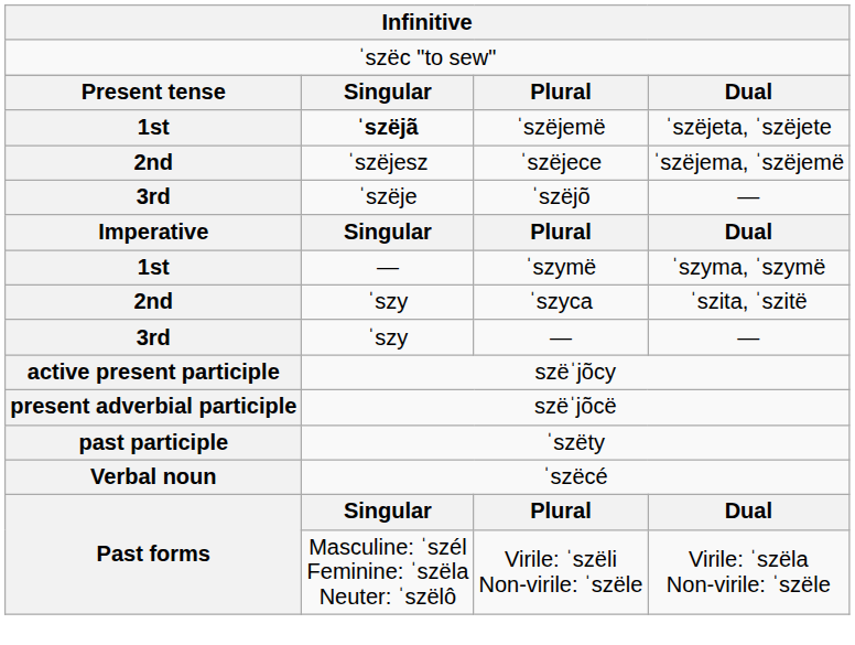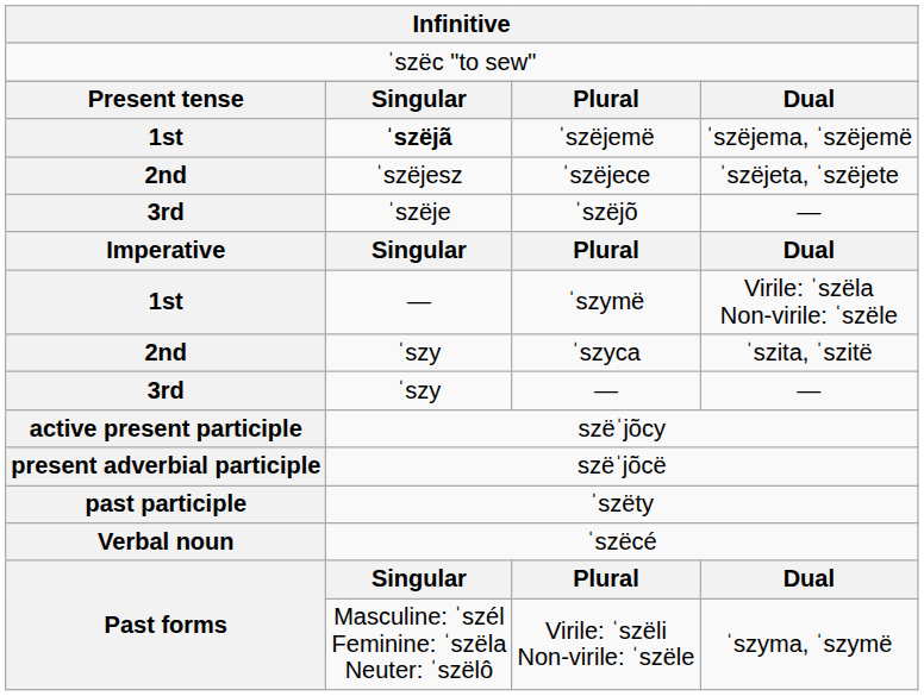 <table class="wikitable" style="text-align:center;">
 <tr>
 <th colspan="4">Infinitive</th>
 </tr>
 <tr>
 <td colspan="4">ˈszëc "to sew"</td>
 </tr>
 <tr>
 </tr>
 <tr>
 <th>Present tense</th>
 <th>Singular</th>
 <th>Plural</th>
 <th>Dual</th>
 </tr>
 <tr>
 <th>1st</th>
 <td><strong>ˈszëjã</strong></td>
 <td>ˈszëjemë</td>
-<td>ˈszëjeta, ˈszëjete</td>
+<td>ˈszëjema, ˈszëjemë</td>
 </tr>
 <tr>
 <th>2nd</th>
 <td>ˈszëjesz</td>
 <td>ˈszëjece</td>
-<td>ˈszëjema, ˈszëjemë</td>
+<td>ˈszëjeta, ˈszëjete</td>
 </tr>
 <tr>
 <th>3rd</th>
 <td>ˈszëje</td>
 <td>ˈszëjõ</td>
 <td>—</td>
 </tr>
 <tr>
 <th>Imperative</th>
 <th>Singular</th>
 <th>Plural</th>
 <th>Dual</th>
 </tr>
 <tr>
 <th>1st</th>
 <td>—</td>
 <td>ˈszymë</td>
-<td>ˈszyma, ˈszymë</td>
+<td>Virile: ˈszëla<br>Non-virile: ˈszële</td>
 </tr>
 <tr>
 <th>2nd</th>
 <td>ˈszy</td>
 <td>ˈszyca</td>
 <td>ˈszita, ˈszitë</td>
 </tr>
 <tr>
 <th>3rd</th>
 <td>ˈszy</td>
 <td>—</td>
 <td>—</td>
 </tr>
 <tr>
 <th>active present participle</th>
 <td colspan="3">szëˈjõcy</td>
 </tr>
 <tr>
 <th>present adverbial participle</th>
 <td colspan="3">szëˈjõcë</td>
 </tr>
 <tr>
 <th>past participle</th>
 <td colspan="3">ˈszëty</td>
 </tr>
 <tr>
 <th>Verbal noun</th>
 <td colspan="3">ˈszëcé</td>
 </tr>
 <tr>
 <th rowspan="2">Past forms</th>
 <th>Singular</th>
 <th>Plural</th>
 <th>Dual</th>
 </tr>
 <tr>
 <td>Masculine: ˈszél<br>Feminine: ˈszëla<br>Neuter: ˈszëlô</td>
 <td>Virile: ˈszëli<br>Non-virile: ˈszële</td>
-<td>Virile: ˈszëla<br>Non-virile: ˈszële</td>
+<td>ˈszyma, ˈszymë</td>
 </tr>
 </table>
